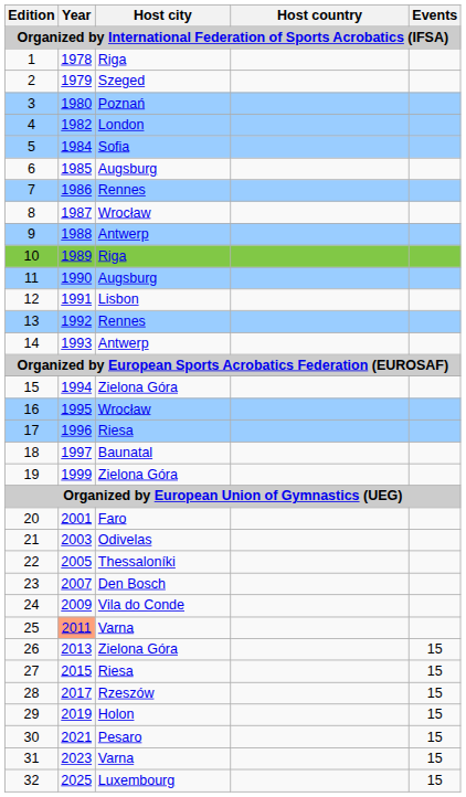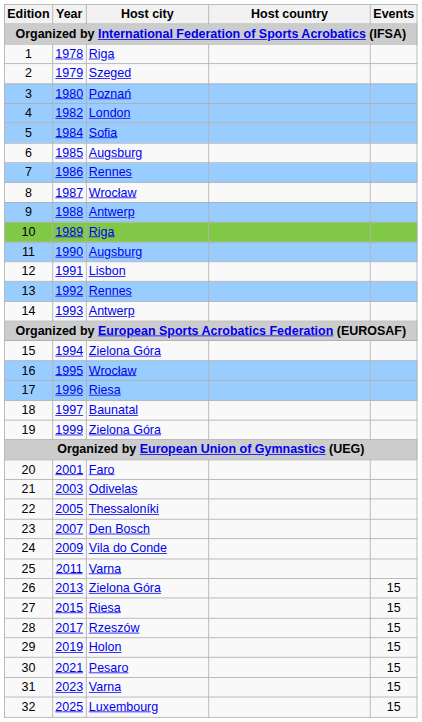 <table class="wikitable" style="font-size:100%">
 <tr>
 <th width=30>Edition</th>
 <th width=30>Year</th>
 <th width=150>Host city</th>
 <th width=200>Host country</th>
 <th width=30>Events</th>
 </tr>
 <tr>
 <td colspan="5" bgcolor="#cccccc"align=center><strong>Organized by <a href='#'>International Federation of Sports Acrobatics</a> (IFSA)</strong></td>
 </tr>
 <tr>
 <td align=center>1</td>
 <td align=center><a href='#'>1978</a></td>
 <td><a href='#'>Riga</a></td>
 <td></td>
 <td align=center></td>
 </tr>
 <tr>
 <td align=center>2</td>
 <td align=center><a href='#'>1979</a></td>
 <td><a href='#'>Szeged</a></td>
 <td></td>
 <td align=center></td>
 </tr>
 <tr style="background:#9acdff;">
 <td align=center>3</td>
 <td align=center><a href='#'>1980</a></td>
 <td><a href='#'>Poznań</a></td>
 <td></td>
 <td align=center></td>
 </tr>
 <tr style="background:#9acdff;">
 <td align=center>4</td>
 <td align=center><a href='#'>1982</a></td>
 <td><a href='#'>London</a></td>
 <td></td>
 <td align=center></td>
 </tr>
 <tr style="background:#9acdff;">
 <td align=center>5</td>
 <td align=center><a href='#'>1984</a></td>
 <td><a href='#'>Sofia</a></td>
 <td></td>
 <td align=center></td>
 </tr>
 <tr>
 <td align=center>6</td>
 <td align=center><a href='#'>1985</a></td>
 <td><a href='#'>Augsburg</a></td>
 <td></td>
 <td align=center></td>
 </tr>
 <tr style="background:#9acdff;">
 <td align=center>7</td>
 <td align=center><a href='#'>1986</a></td>
 <td><a href='#'>Rennes</a></td>
 <td></td>
 <td align=center></td>
 </tr>
 <tr>
 <td align=center>8</td>
 <td align=center><a href='#'>1987</a></td>
 <td><a href='#'>Wrocław</a></td>
 <td></td>
 <td align=center></td>
 </tr>
 <tr style="background:#9acdff;">
 <td align=center>9</td>
 <td align=center><a href='#'>1988</a></td>
 <td><a href='#'>Antwerp</a></td>
 <td></td>
 <td align=center></td>
 </tr>
 <tr style="background:#81c846;">
 <td align=center>10</td>
 <td align=center><a href='#'>1989</a></td>
 <td><a href='#'>Riga</a></td>
 <td></td>
 <td align=center></td>
 </tr>
 <tr style="background:#9acdff;">
 <td align=center>11</td>
 <td align=center><a href='#'>1990</a></td>
 <td><a href='#'>Augsburg</a></td>
 <td></td>
 <td align=center></td>
 </tr>
 <tr>
 <td align=center>12</td>
 <td align=center><a href='#'>1991</a></td>
 <td><a href='#'>Lisbon</a></td>
 <td></td>
 <td align=center></td>
 </tr>
 <tr style="background:#9acdff;">
 <td align=center>13</td>
 <td align=center><a href='#'>1992</a></td>
 <td><a href='#'>Rennes</a></td>
 <td></td>
 <td align=center></td>
 </tr>
 <tr>
 <td align=center>14</td>
 <td align=center><a href='#'>1993</a></td>
 <td><a href='#'>Antwerp</a></td>
 <td></td>
 <td align=center></td>
 </tr>
 <tr>
 <td colspan="5" bgcolor="#cccccc"align=center><strong>Organized by <a href='#'>European Sports Acrobatics Federation</a> (EUROSAF)</strong></td>
 </tr>
 <tr>
 <td align=center>15</td>
 <td align=center><a href='#'>1994</a></td>
 <td><a href='#'>Zielona Góra</a></td>
 <td></td>
 <td align=center></td>
 </tr>
 <tr style="background:#9acdff;">
 <td align=center>16</td>
 <td align=center><a href='#'>1995</a></td>
 <td><a href='#'>Wrocław</a></td>
 <td></td>
 <td align=center></td>
 </tr>
 <tr style="background:#9acdff;">
 <td align=center>17</td>
 <td align=center><a href='#'>1996</a></td>
 <td><a href='#'>Riesa</a></td>
 <td></td>
 <td align=center></td>
 </tr>
 <tr>
 <td align=center>18</td>
 <td align=center><a href='#'>1997</a></td>
 <td><a href='#'>Baunatal</a></td>
 <td></td>
 <td align=center></td>
 </tr>
 <tr>
 <td align=center>19</td>
 <td align=center><a href='#'>1999</a></td>
 <td><a href='#'>Zielona Góra</a></td>
 <td></td>
 <td align=center></td>
 </tr>
 <tr>
 <td colspan="5" bgcolor="#cccccc"align=center><strong>Organized by <a href='#'>European Union of Gymnastics</a> (UEG)</strong></td>
 </tr>
 <tr>
 <td align=center>20</td>
 <td align=center><a href='#'>2001</a></td>
 <td><a href='#'>Faro</a></td>
 <td></td>
 <td align=center></td>
 </tr>
 <tr>
 <td align=center>21</td>
 <td align=center><a href='#'>2003</a></td>
 <td><a href='#'>Odivelas</a></td>
 <td></td>
 <td align=center></td>
 </tr>
 <tr>
 <td align=center>22</td>
 <td align=center><a href='#'>2005</a></td>
 <td><a href='#'>Thessaloníki</a></td>
 <td></td>
 <td align=center></td>
 </tr>
 <tr>
 <td align=center>23</td>
 <td align=center><a href='#'>2007</a></td>
 <td><a href='#'>Den Bosch</a></td>
 <td></td>
 <td align=center></td>
 </tr>
 <tr>
 <td align=center>24</td>
 <td align=center><a href='#'>2009</a></td>
 <td><a href='#'>Vila do Conde</a></td>
 <td></td>
 <td align=center></td>
 </tr>
 <tr>
 <td align=center>25</td>
-<td align=center style="background: lightsalmon;"><a href='#'>2011</a></td>
+<td align=center><a href='#'>2011</a></td>
 <td><a href='#'>Varna</a></td>
 <td></td>
 <td align=center></td>
 </tr>
 <tr>
 <td align=center>26</td>
 <td align=center><a href='#'>2013</a></td>
 <td><a href='#'>Zielona Góra</a></td>
 <td></td>
 <td align=center>15</td>
 </tr>
 <tr>
 <td align=center>27</td>
 <td align=center><a href='#'>2015</a></td>
 <td><a href='#'>Riesa</a></td>
 <td></td>
 <td align=center>15</td>
 </tr>
 <tr>
 <td align=center>28</td>
 <td align=center><a href='#'>2017</a></td>
 <td><a href='#'>Rzeszów</a></td>
 <td></td>
 <td align=center>15</td>
 </tr>
 <tr>
 <td align=center>29</td>
 <td align=center><a href='#'>2019</a></td>
 <td><a href='#'>Holon</a></td>
 <td></td>
 <td align=center>15</td>
 </tr>
 <tr>
 <td align=center>30</td>
 <td align=center><a href='#'>2021</a></td>
 <td><a href='#'>Pesaro</a></td>
 <td></td>
 <td align=center>15</td>
 </tr>
 <tr>
 <td align=center>31</td>
 <td align=center><a href='#'>2023</a></td>
 <td><a href='#'>Varna</a></td>
 <td></td>
 <td align=center>15</td>
 </tr>
 <tr>
 <td align=center>32</td>
 <td align=center><a href='#'>2025</a></td>
 <td><a href='#'>Luxembourg</a></td>
 <td></td>
 <td align=center>15</td>
 </tr>
 </table>
